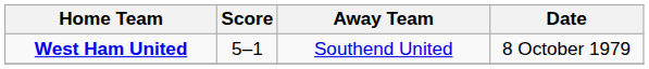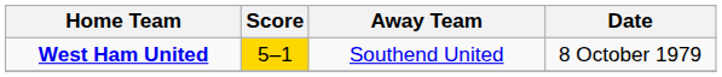 <table class="wikitable" style="text-align:center;">
 <tr>
 <th width=175>Home Team</th>
 <th width=20>Score</th>
 <th width=175>Away Team</th>
 <th width=125>Date</th>
 </tr>
 <tr>
 <td><strong><a href='#'>West Ham United</a></strong></td>
-<td>5–1</td>
+<td style="background: gold;">5–1</td>
 <td><a href='#'>Southend United</a></td>
 <td>8 October 1979</td>
 </tr>
 <tr>
 </tr>
 </table>
